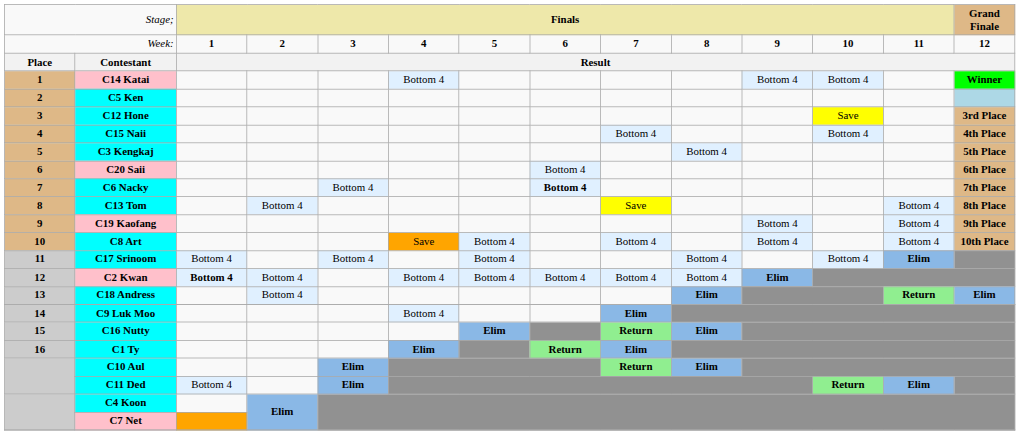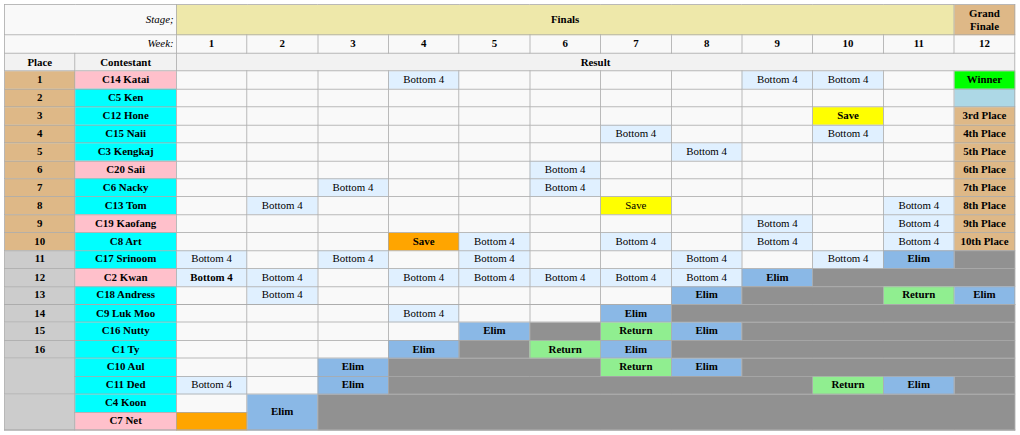 <table class="wikitable" style="margin:1em auto; text-align:center; font-size:85%">
 <tr>
 <td width=30% colspan="2" align="right"><em>Stage;</em></td>
 <td colspan="11" bgcolor="palegoldenrod" align="Center"><strong>Finals</strong></td>
 <td colspan="1" bgcolor="DEB887" align="Center"><strong>Grand Finale</strong></td>
 </tr>
 <tr>
 <td colspan="2" align="right"><em>Week:</em></td>
 <td style="width:7%" align="center"><strong>1</strong></td>
 <td style="width:7%" align="center"><strong>2</strong></td>
 <td style="width:7%" align="center"><strong>3</strong></td>
 <td style="width:7%" align="center"><strong>4</strong></td>
 <td style="width:7%" align="center"><strong>5</strong></td>
 <td style="width:7%" align="center"><strong>6</strong></td>
 <td style="width:7%" align="center"><strong>7</strong></td>
 <td style="width:7%" align="center"><strong>8</strong></td>
 <td style="width:7%" align="center"><strong>9</strong></td>
 <td style="width:7%" align="center"><strong>10</strong></td>
 <td style="width:7%" align="center"><strong>11</strong></td>
 <td style="width:7%" align="center"><strong>12</strong></td>
 </tr>
 <tr>
 <th style="width:7%">Place</th>
 <th style="width:10%">Contestant</th>
 <th style="width:20%" colspan="12" align="center">Result</th>
 </tr>
 <tr>
 <td style="background:#DEB887"><strong>1</strong></td>
 <td style="background:pink;"><strong>C14 Katai</strong></td>
 <td></td>
 <td></td>
 <td></td>
 <td style="background:#e0f0ff;">Bottom 4</td>
 <td></td>
 <td></td>
 <td></td>
 <td></td>
 <td style="background:#e0f0ff;">Bottom 4</td>
 <td style="background:#e0f0ff;">Bottom 4</td>
 <td></td>
 <td style="background:lime;"><strong>Winner</strong></td>
 </tr>
 <tr>
 <td style="background:#DEB887"><strong>2</strong></td>
 <td style="background:cyan;"><strong>C5 Ken</strong></td>
 <td></td>
 <td></td>
 <td></td>
 <td></td>
 <td></td>
 <td></td>
 <td></td>
 <td></td>
 <td></td>
 <td></td>
 <td></td>
 <td style="background:lightblue"></td>
 </tr>
 <tr>
 <td style="background:#DEB887"><strong>3</strong></td>
 <td style="background:cyan;"><strong>C12 Hone</strong></td>
 <td></td>
 <td></td>
 <td></td>
 <td></td>
 <td></td>
 <td></td>
 <td></td>
 <td></td>
 <td></td>
-<td style="background:yellow">Save</td>
+<td style="background:yellow"><strong>Save</strong></td>
 <td></td>
 <td bgcolor="#DEB887" align="center"><strong>3rd Place</strong></td>
 </tr>
 <tr>
 <td style="background:#DEB887"><strong>4</strong></td>
 <td style="background:cyan;"><strong>C15 Naii</strong></td>
 <td></td>
 <td></td>
 <td></td>
 <td></td>
 <td></td>
 <td></td>
 <td style="background:#e0f0ff;">Bottom 4</td>
 <td></td>
 <td></td>
 <td style="background:#e0f0ff;">Bottom 4</td>
 <td></td>
 <td bgcolor="#DEB887" align="center"><strong>4th Place</strong></td>
 </tr>
 <tr>
 <td style="background:#DEB887"><strong>5</strong></td>
 <td style="background:cyan;"><strong>C3 Kengkaj</strong></td>
 <td></td>
 <td></td>
 <td></td>
 <td></td>
 <td></td>
 <td></td>
 <td></td>
 <td style="background:#e0f0ff;">Bottom 4</td>
 <td></td>
 <td></td>
 <td></td>
 <td bgcolor="#DEB887" align="center"><strong>5th Place</strong></td>
 </tr>
 <tr>
 <td style="background:#DEB887"><strong>6</strong></td>
 <td style="background:pink;"><strong>C20 Saii</strong></td>
 <td></td>
 <td></td>
 <td></td>
 <td></td>
 <td></td>
 <td style="background:#e0f0ff;">Bottom 4</td>
 <td></td>
 <td></td>
 <td></td>
 <td></td>
 <td></td>
 <td bgcolor="#DEB887" align="center"><strong>6th Place</strong></td>
 </tr>
 <tr>
 <td style="background:#DEB887"><strong>7</strong></td>
 <td style="background:cyan;"><strong>C6 Nacky</strong></td>
 <td></td>
 <td></td>
 <td style="background:#e0f0ff;">Bottom 4</td>
 <td></td>
 <td></td>
-<td style="background:#e0f0ff;"><strong>Bottom 4</strong></td>
+<td style="background:#e0f0ff;">Bottom 4</td>
 <td></td>
 <td></td>
 <td></td>
 <td></td>
 <td></td>
 <td bgcolor="#DEB887" align="center"><strong>7th Place</strong></td>
 </tr>
 <tr>
 <td style="background:#DEB887"><strong>8</strong></td>
 <td style="background:cyan;"><strong>C13 Tom</strong></td>
 <td></td>
 <td style="background:#e0f0ff;">Bottom 4</td>
 <td></td>
 <td></td>
 <td></td>
 <td></td>
 <td style="background:yellow">Save</td>
 <td></td>
 <td></td>
 <td></td>
 <td style="background:#e0f0ff;">Bottom 4</td>
 <td bgcolor="#DEB887" align="center"><strong>8th Place</strong></td>
 </tr>
 <tr>
 <td style="background:#DEB887"><strong>9</strong></td>
 <td style="background:pink;"><strong>C19 Kaofang</strong></td>
 <td></td>
 <td></td>
 <td></td>
 <td></td>
 <td></td>
 <td></td>
 <td></td>
 <td></td>
 <td style="background:#e0f0ff;">Bottom 4</td>
 <td></td>
 <td style="background:#e0f0ff;">Bottom 4</td>
 <td bgcolor="#DEB887" align="center"><strong>9th Place</strong></td>
 </tr>
 <tr>
 <td style="background:#DEB887"><strong>10</strong></td>
 <td style="background:cyan;"><strong>C8 Art</strong></td>
 <td></td>
 <td></td>
 <td></td>
-<td style="background:orange">Save</td>
+<td style="background:orange"><strong>Save</strong></td>
 <td style="background:#e0f0ff;">Bottom 4</td>
 <td></td>
 <td style="background:#e0f0ff;">Bottom 4</td>
 <td></td>
 <td style="background:#e0f0ff;">Bottom 4</td>
 <td></td>
 <td style="background:#e0f0ff;">Bottom 4</td>
 <td bgcolor="#DEB887" align="center"><strong>10th Place</strong></td>
 </tr>
 <tr>
 <td style="background:#CCCCCC;"><strong>11</strong></td>
 <td style="background:cyan;"><strong>C17 Srinoom</strong></td>
 <td style="background:#e0f0ff;">Bottom 4</td>
 <td></td>
 <td style="background:#e0f0ff;">Bottom 4</td>
 <td></td>
 <td style="background:#e0f0ff;">Bottom 4</td>
 <td></td>
 <td></td>
 <td style="background:#e0f0ff;">Bottom 4</td>
 <td></td>
 <td style="background:#e0f0ff;">Bottom 4</td>
 <td style="background:#8ab8e6;"><strong>Elim</strong></td>
 <td style="background:#919191;"></td>
 </tr>
 <tr>
 <td style="background:#CCCCCC;"><strong>12</strong></td>
 <td style="background:pink;"><strong>C2 Kwan</strong></td>
 <td style="background:#e0f0ff;"><strong>Bottom 4</strong></td>
 <td style="background:#e0f0ff;">Bottom 4</td>
 <td></td>
 <td style="background:#e0f0ff;">Bottom 4</td>
 <td style="background:#e0f0ff;">Bottom 4</td>
 <td style="background:#e0f0ff;">Bottom 4</td>
 <td style="background:#e0f0ff;">Bottom 4</td>
 <td style="background:#e0f0ff;">Bottom 4</td>
 <td style="background:#8ab8e6;"><strong>Elim</strong></td>
 <td style="background:#919191;" colspan="3"></td>
 </tr>
 <tr>
 <td style="background:#CCCCCC;"><strong>13</strong></td>
 <td style="background:cyan;"><strong>C18 Andress</strong></td>
 <td></td>
 <td style="background:#e0f0ff;">Bottom 4</td>
 <td></td>
 <td></td>
 <td></td>
 <td></td>
 <td></td>
 <td style="background:#8ab8e6;"><strong>Elim</strong></td>
 <td style="background:#919191;" colspan="2"></td>
 <td bgcolor="lightgreen" align="center"><strong>Return</strong></td>
 <td style="background:#8ab8e6;"><strong>Elim</strong></td>
 </tr>
 <tr>
 </tr>
 <tr>
 <td style="background:#CCCCCC;"><strong>14</strong></td>
 <td style="background:cyan;"><strong>C9 Luk Moo</strong></td>
 <td></td>
 <td></td>
 <td></td>
 <td style="background:#e0f0ff;">Bottom 4</td>
 <td></td>
 <td></td>
 <td style="background:#8ab8e6;"><strong>Elim</strong></td>
 <td style="background:#919191;" colspan="6"></td>
 </tr>
 <tr>
 <td style="background:#CCCCCC;"><strong>15</strong></td>
 <td style="background:cyan;"><strong>C16 Nutty</strong></td>
 <td></td>
 <td></td>
 <td></td>
 <td></td>
 <td style="background:#8ab8e6;"><strong>Elim</strong></td>
 <td style="background:#919191;" colspan="1"></td>
 <td bgcolor="lightgreen" align="center"><strong>Return</strong></td>
 <td style="background:#8ab8e6;"><strong>Elim</strong></td>
 <td style="background:#919191;" colspan="4"></td>
 </tr>
 <tr>
 <td style="background:#CCCCCC;"><strong>16</strong></td>
 <td style="background:cyan;"><strong>C1 Ty</strong></td>
 <td></td>
 <td></td>
 <td></td>
 <td style="background:#8ab8e6;"><strong>Elim</strong></td>
 <td style="background:#919191;" colspan="1"></td>
 <td bgcolor="lightgreen" align="center"><strong>Return</strong></td>
 <td style="background:#8ab8e6;"><strong>Elim</strong></td>
 <td style="background:#919191;" colspan="5"></td>
 </tr>
 <tr>
 <td style="background:#CCCCCC;" rowspan="2"></td>
 <td style="background:cyan;"><strong>C10 Aul</strong></td>
 <td></td>
 <td></td>
 <td style="background:#8ab8e6;"><strong>Elim</strong></td>
 <td style="background:#919191;" colspan="3"></td>
 <td bgcolor="lightgreen" align="center"><strong>Return</strong></td>
 <td style="background:#8ab8e6;"><strong>Elim</strong></td>
 <td style="background:#919191;" colspan="4"></td>
 </tr>
 <tr>
 <td style="background:cyan;"><strong>C11 Ded</strong></td>
 <td style="background:#e0f0ff;">Bottom 4</td>
 <td></td>
 <td style="background:#8ab8e6;"><strong>Elim</strong></td>
 <td style="background:#919191;" colspan="6"></td>
 <td bgcolor="lightgreen" align="center"><strong>Return</strong></td>
 <td style="background:#8ab8e6;"><strong>Elim</strong></td>
 <td style="background:#919191;"></td>
 </tr>
 <tr>
 <td style="background:#CCCCCC;" rowspan="2"></td>
 <td style="background:cyan;"><strong>C4 Koon</strong></td>
 <td></td>
 <td style="background:#8ab8e6;" rowspan="2"><strong>Elim</strong></td>
 <td style="background:#919191;" rowspan="2" colspan="11"></td>
 </tr>
 <tr>
 <td style="background:pink;"><strong>C7 Net</strong></td>
 <td bgcolor="orange"></td>
 </tr>
 <tr>
 </tr>
 </table>
